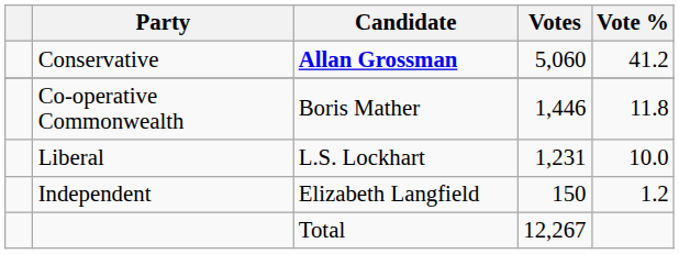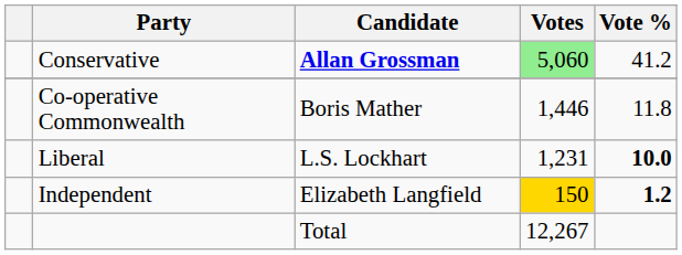 <table class="wikitable">
 <tr>
 <th></th>
 <th scope="col" width="175">Party</th>
 <th scope="col" width="150">Candidate</th>
 <th>Votes</th>
 <th>Vote %</th>
 </tr>
 <tr>
 <td>   </td>
 <td>Conservative</td>
 <td><strong><a href='#'>Allan Grossman</a></strong></td>
-<td align=right>5,060</td>
+<td align=right style="background: lightgreen;">5,060</td>
 <td align=right>41.2</td>
 </tr>
 <tr>
 </tr>
 <tr>
 <td>   </td>
 <td>Co-operative Commonwealth</td>
 <td>Boris Mather</td>
 <td align=right>1,446</td>
 <td align=right>11.8</td>
 </tr>
 <tr>
 <td>   </td>
 <td>Liberal</td>
 <td>L.S. Lockhart</td>
 <td align=right>1,231</td>
-<td align=right>10.0</td>
+<td align=right><strong>10.0</strong></td>
 </tr>
 <tr>
 <td>   </td>
 <td>Independent</td>
 <td>Elizabeth Langfield</td>
-<td align=right>150</td>
-<td align=right>1.2</td>
+<td align=right style="background: gold;">150</td>
+<td align=right><strong>1.2</strong></td>
 </tr>
 <tr>
 <td></td>
 <td></td>
 <td>Total</td>
 <td align=right>12,267</td>
 <td></td>
 </tr>
 </table>
